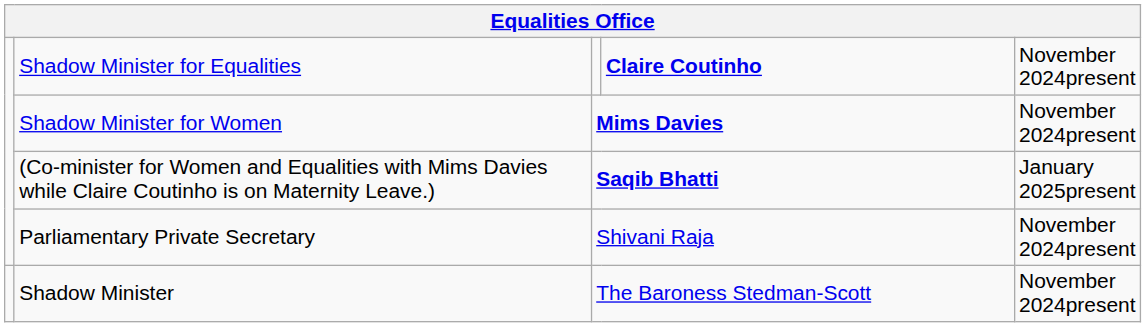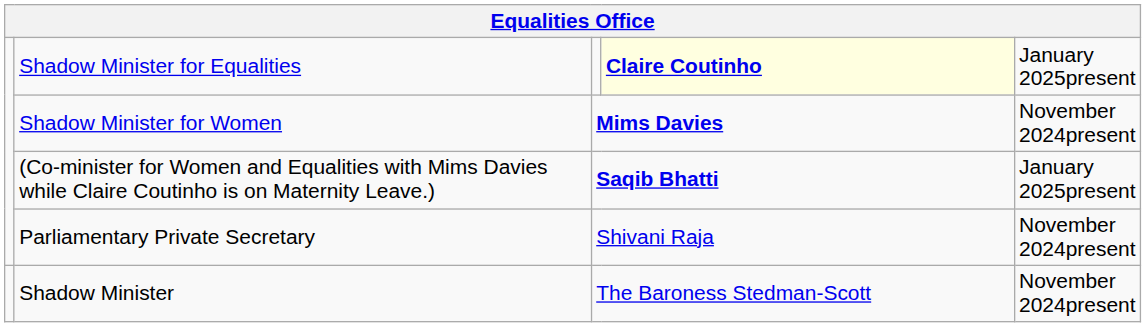 <table class="wikitable">
 <tr>
 <th colspan="5"><a href='#'>Equalities Office</a></th>
 </tr>
 <tr>
 <td rowspan="4" style="background: "></td>
 <td style="width: 450px;"><a href='#'>Shadow Minister for Equalities</a></td>
 <td style="background: "></td>
-<td style="width: 320px;"><strong><a href='#'>Claire Coutinho</a></strong></td>
-<td>November 2024present</td>
+<td style="background: lightyellow; width: 320px;"><strong><a href='#'>Claire Coutinho</a></strong></td>
+<td>January 2025present</td>
 </tr>
 <tr>
 <td><a href='#'>Shadow Minister for Women</a></td>
 <td colspan="2"><strong><a href='#'>Mims Davies</a></strong></td>
 <td>November 2024present</td>
 </tr>
 <tr>
 <td>(Co-minister for Women and Equalities with Mims Davies while Claire Coutinho is on Maternity Leave.)</td>
 <td colspan="2"><strong><a href='#'>Saqib Bhatti</a></strong></td>
 <td>January 2025present</td>
 </tr>
 <tr>
 <td>Parliamentary Private Secretary</td>
 <td colspan="2"><a href='#'>Shivani Raja</a></td>
 <td>November 2024present</td>
 </tr>
 <tr>
 <td rowspan="2" style="background: "></td>
 <td>Shadow Minister</td>
 <td colspan="2"><a href='#'>The Baroness Stedman-Scott</a></td>
 <td>November 2024present</td>
 </tr>
 </table>
